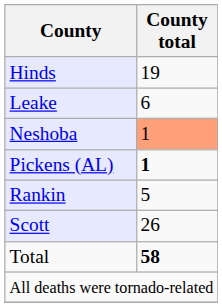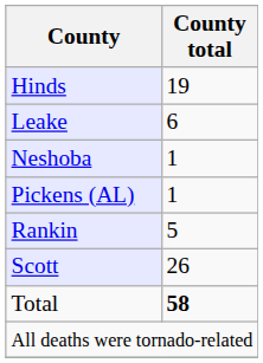 <table class="wikitable" style="margin:0 0 0.5em 1em;float:right;">
 <tr>
 <th><strong>County</strong></th>
 <th><strong>County<br>total</strong></th>
 </tr>
 <tr>
 <td bgcolor="#e6e9ff"><a href='#'>Hinds</a></td>
 <td>19</td>
 </tr>
 <tr>
 <td bgcolor="#e6e9ff"><a href='#'>Leake</a></td>
 <td>6</td>
 </tr>
 <tr>
 <td bgcolor="#e6e9ff"><a href='#'>Neshoba</a></td>
-<td style="background: lightsalmon;">1</td>
+<td>1</td>
 </tr>
 <tr>
 <td bgcolor="#e6e9ff"><a href='#'>Pickens (AL)</a></td>
-<td><strong>1</strong></td>
+<td>1</td>
 </tr>
 <tr>
 <td bgcolor="#e6e9ff"><a href='#'>Rankin</a></td>
 <td>5</td>
 </tr>
 <tr>
 <td bgcolor="#e6e9ff"><a href='#'>Scott</a></td>
 <td>26</td>
 </tr>
 <tr>
 <td>Total</td>
 <td><strong>58</strong></td>
 </tr>
 <tr>
 <td colspan=4 align=center><small>All deaths were tornado-related</small></td>
 </tr>
 <tr>
 </tr>
 </table>
